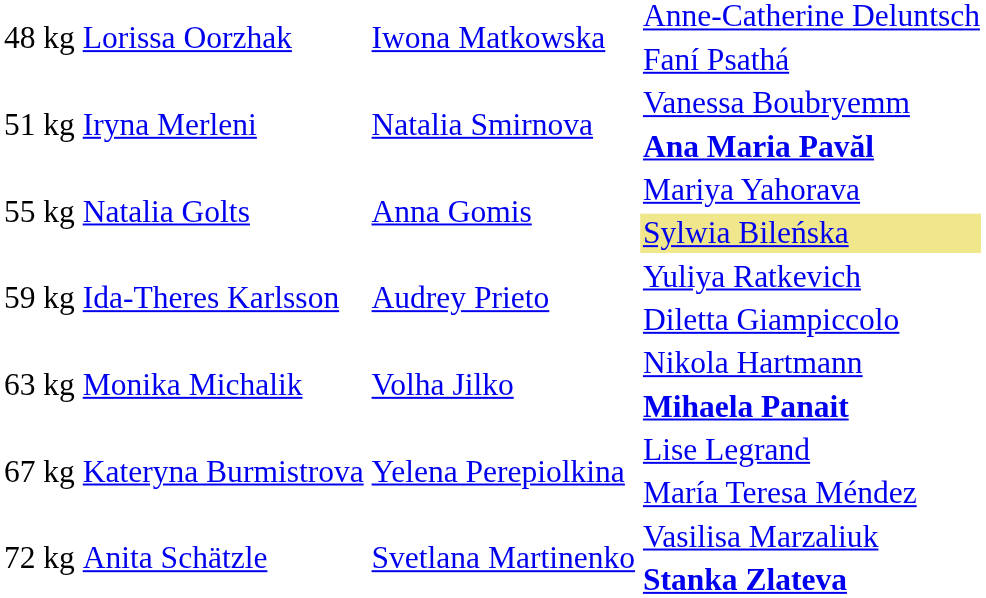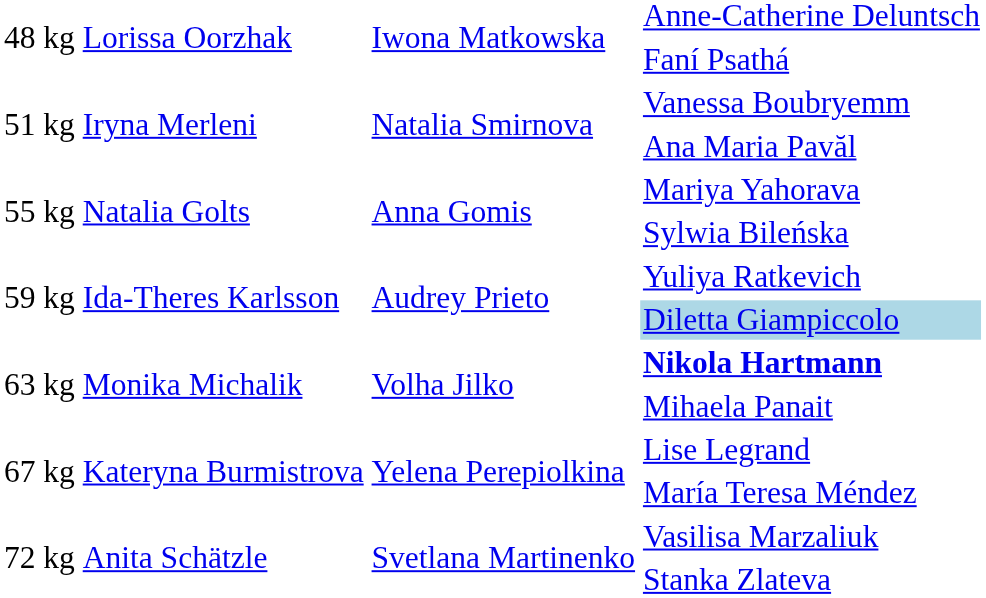 <table>
 <tr>
 <td rowspan=2>48 kg</td>
 <td rowspan=2> <a href='#'>Lorissa Oorzhak</a></td>
 <td rowspan=2> <a href='#'>Iwona Matkowska</a></td>
 <td> <a href='#'>Anne-Catherine Deluntsch</a></td>
 </tr>
 <tr>
 <td> <a href='#'>Faní Psathá</a></td>
 </tr>
 <tr>
 <td rowspan=2>51 kg</td>
 <td rowspan=2> <a href='#'>Iryna Merleni</a></td>
 <td rowspan=2> <a href='#'>Natalia Smirnova</a></td>
 <td> <a href='#'>Vanessa Boubryemm</a></td>
 </tr>
 <tr>
-<td><strong> <a href='#'>Ana Maria Pavăl</a></strong></td>
+<td> <a href='#'>Ana Maria Pavăl</a></td>
 </tr>
 <tr>
 <td rowspan=2>55 kg</td>
 <td rowspan=2> <a href='#'>Natalia Golts</a></td>
 <td rowspan=2> <a href='#'>Anna Gomis</a></td>
 <td> <a href='#'>Mariya Yahorava</a></td>
 </tr>
 <tr>
-<td style="background: khaki;"> <a href='#'>Sylwia Bileńska</a></td>
+<td> <a href='#'>Sylwia Bileńska</a></td>
 </tr>
 <tr>
 <td rowspan=2>59 kg</td>
 <td rowspan=2> <a href='#'>Ida-Theres Karlsson</a></td>
 <td rowspan=2> <a href='#'>Audrey Prieto</a></td>
 <td> <a href='#'>Yuliya Ratkevich</a></td>
 </tr>
 <tr>
-<td> <a href='#'>Diletta Giampiccolo</a></td>
+<td style="background: lightblue;"> <a href='#'>Diletta Giampiccolo</a></td>
 </tr>
 <tr>
 <td rowspan=2>63 kg</td>
 <td rowspan=2> <a href='#'>Monika Michalik</a></td>
 <td rowspan=2> <a href='#'>Volha Jilko</a></td>
-<td> <a href='#'>Nikola Hartmann</a></td>
+<td><strong> <a href='#'>Nikola Hartmann</a></strong></td>
 </tr>
 <tr>
-<td><strong> <a href='#'>Mihaela Panait</a></strong></td>
+<td> <a href='#'>Mihaela Panait</a></td>
 </tr>
 <tr>
 <td rowspan=2>67 kg</td>
 <td rowspan=2> <a href='#'>Kateryna Burmistrova</a></td>
 <td rowspan=2> <a href='#'>Yelena Perepiolkina</a></td>
 <td> <a href='#'>Lise Legrand</a></td>
 </tr>
 <tr>
 <td> <a href='#'>María Teresa Méndez</a></td>
 </tr>
 <tr>
 <td rowspan=2>72 kg</td>
 <td rowspan=2> <a href='#'>Anita Schätzle</a></td>
 <td rowspan=2> <a href='#'>Svetlana Martinenko</a></td>
 <td> <a href='#'>Vasilisa Marzaliuk</a></td>
 </tr>
 <tr>
-<td><strong> <a href='#'>Stanka Zlateva</a></strong></td>
+<td> <a href='#'>Stanka Zlateva</a></td>
 </tr>
 </table>
